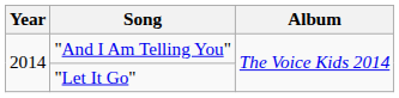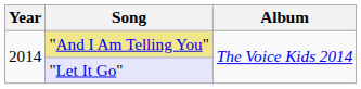 <table class="wikitable">
 <tr>
 <th>Year</th>
 <th>Song</th>
 <th>Album</th>
 </tr>
 <tr>
 <td rowspan=2>2014</td>
-<td>"<a href='#'>And I Am Telling You</a>"</td>
+<td style="background: khaki;">"<a href='#'>And I Am Telling You</a>"</td>
 <td rowspan=2><em><a href='#'>The Voice Kids 2014</a></em></td>
 </tr>
 <tr>
-<td>"<a href='#'>Let It Go</a>"</td>
+<td style="background: lavender;">"<a href='#'>Let It Go</a>"</td>
 </tr>
 </table>
